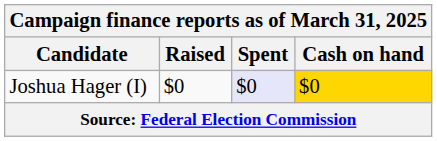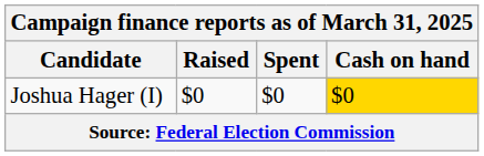 <table class="wikitable sortable">
 <tr>
 <th colspan=4>Campaign finance reports as of March 31, 2025</th>
 </tr>
 <tr style="text-align:center;">
 <th>Candidate</th>
 <th>Raised</th>
 <th>Spent</th>
 <th>Cash on hand</th>
 </tr>
 <tr>
 <td>Joshua Hager (I)</td>
 <td>$0</td>
-<td style="background: lavender;">$0</td>
+<td>$0</td>
 <td style="background: gold;">$0</td>
 </tr>
 <tr>
 <th colspan="4"><small>Source: <a href='#'>Federal Election Commission</a></small></th>
 </tr>
 </table>
